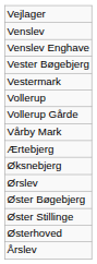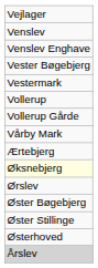 <table class="wikitable" style="float:left; margin-right:1em">
 <tr>
 <td>Vejlager</td>
 </tr>
 <tr>
 <td>Venslev</td>
 </tr>
 <tr>
 <td>Venslev Enghave</td>
 </tr>
 <tr>
 <td>Vester Bøgebjerg</td>
 </tr>
 <tr>
 <td>Vestermark</td>
 </tr>
 <tr>
 <td>Vollerup</td>
 </tr>
 <tr>
 <td>Vollerup Gårde</td>
 </tr>
 <tr>
 <td>Vårby Mark</td>
 </tr>
 <tr>
 <td>Ærtebjerg</td>
 </tr>
 <tr>
-<td>Øksnebjerg</td>
+<td style="background: lightyellow;">Øksnebjerg</td>
 </tr>
 <tr>
 <td>Ørslev</td>
 </tr>
 <tr>
 <td>Øster Bøgebjerg</td>
 </tr>
 <tr>
 <td>Øster Stillinge</td>
 </tr>
 <tr>
 <td>Østerhoved</td>
 </tr>
 <tr>
-<td>Årslev</td>
+<td style="background: lightgrey;">Årslev</td>
 </tr>
 </table>
